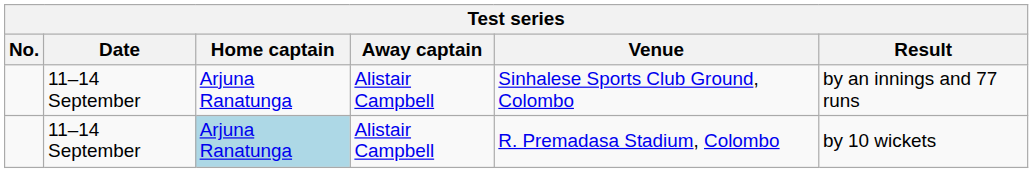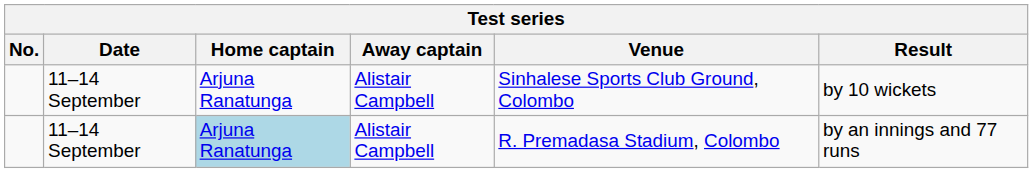 <table class="wikitable">
 <tr>
 <th colspan="9">Test series</th>
 </tr>
 <tr>
 <th>No.</th>
 <th>Date</th>
 <th>Home captain</th>
 <th>Away captain</th>
 <th>Venue</th>
 <th>Result</th>
 </tr>
 <tr>
 <td></td>
 <td>11–14 September</td>
 <td><a href='#'>Arjuna Ranatunga</a></td>
 <td><a href='#'>Alistair Campbell</a></td>
 <td><a href='#'>Sinhalese Sports Club Ground</a>, <a href='#'>Colombo</a></td>
-<td> by an innings and 77 runs</td>
+<td> by 10 wickets</td>
 </tr>
 <tr>
 <td></td>
 <td>11–14 September</td>
 <td style="background: lightblue;"><a href='#'>Arjuna Ranatunga</a></td>
 <td><a href='#'>Alistair Campbell</a></td>
 <td><a href='#'>R. Premadasa Stadium</a>, <a href='#'>Colombo</a></td>
-<td> by 10 wickets</td>
+<td> by an innings and 77 runs</td>
 </tr>
 </table>
